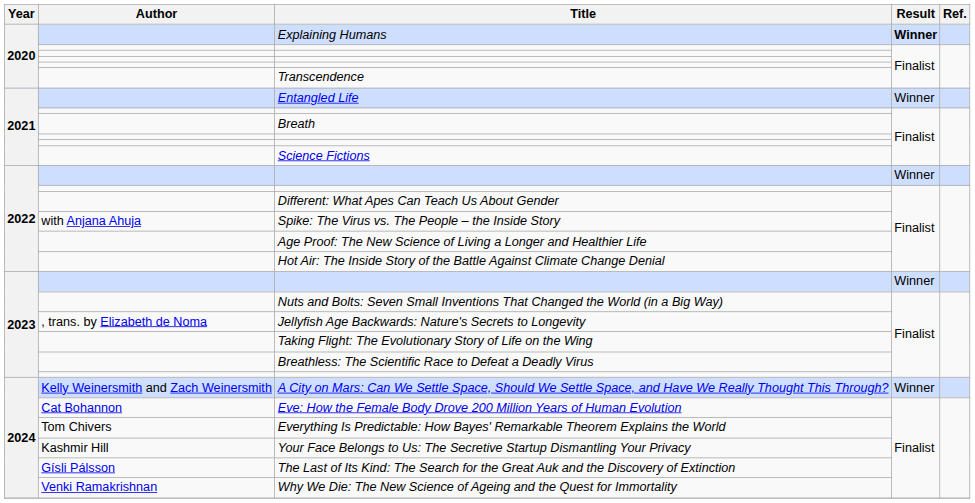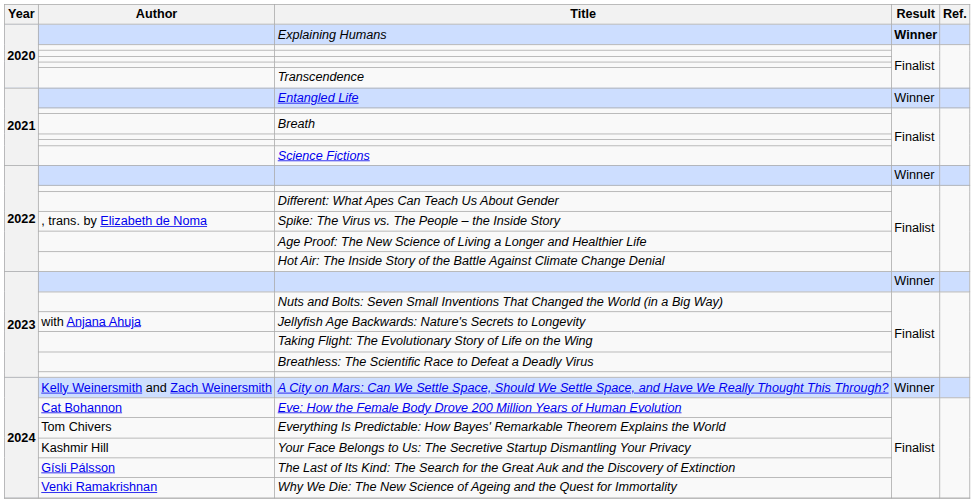 <table class="wikitable sortable mw-collapsible">
 <tr>
 <th>Year</th>
 <th>Author</th>
 <th>Title</th>
 <th>Result</th>
 <th>Ref.</th>
 </tr>
 <tr style="background:#cddeff">
 <th rowspan="6">2020</th>
 <td></td>
 <td><em>Explaining Humans</em></td>
 <td><strong>Winner</strong></td>
 <td></td>
 </tr>
 <tr>
 <td></td>
 <td><em></em></td>
 <td rowspan="5">Finalist</td>
 <td rowspan="5"></td>
 </tr>
 <tr>
 <td></td>
 <td><em></em></td>
 </tr>
 <tr>
 <td></td>
 <td><em></em></td>
 </tr>
 <tr>
 <td></td>
 <td><em></em></td>
 </tr>
 <tr>
 <td></td>
 <td><em>Transcendence</em></td>
 </tr>
 <tr style="background:#cddeff">
 <th rowspan="6">2021</th>
 <td></td>
 <td><em><a href='#'>Entangled Life</a></em></td>
 <td>Winner</td>
 <td></td>
 </tr>
 <tr>
 <td></td>
 <td><em></em></td>
 <td rowspan="5">Finalist</td>
 </tr>
 <tr>
 <td></td>
 <td><em>Breath</em></td>
 </tr>
 <tr>
 <td></td>
 <td><em></em></td>
 </tr>
 <tr>
 <td></td>
 <td><em></em></td>
 </tr>
 <tr>
 <td></td>
 <td><em><a href='#'>Science Fictions</a></em></td>
 </tr>
 <tr style="background:#cddeff">
 <th rowspan="6">2022</th>
 <td></td>
 <td><em></em></td>
 <td>Winner</td>
 <td></td>
 </tr>
 <tr>
 <td></td>
 <td><em></em></td>
 <td rowspan="5">Finalist</td>
 <td rowspan="5"></td>
 </tr>
 <tr>
 <td></td>
 <td><em>Different: What Apes Can Teach Us About Gender</em></td>
 </tr>
 <tr>
-<td> with <a href='#'>Anjana Ahuja</a></td>
+<td>, trans. by <a href='#'>Elizabeth de Noma</a></td>
 <td><em>Spike: The Virus vs. The People – the Inside Story</em></td>
 </tr>
 <tr>
 <td></td>
 <td><em>Age Proof: The New Science of Living a Longer and Healthier Life</em></td>
 </tr>
 <tr>
 <td></td>
 <td><em>Hot Air: The Inside Story of the Battle Against Climate Change Denial</em></td>
 </tr>
 <tr style="background:#cddeff">
 <th rowspan="6">2023</th>
 <td></td>
 <td></td>
 <td>Winner</td>
 <td></td>
 </tr>
 <tr>
 <td></td>
 <td><em>Nuts and Bolts: Seven Small Inventions That Changed the World (in a Big Way)</em></td>
 <td rowspan="5">Finalist</td>
 <td rowspan="5"></td>
 </tr>
 <tr>
-<td>, trans. by <a href='#'>Elizabeth de Noma</a></td>
+<td> with <a href='#'>Anjana Ahuja</a></td>
 <td><em>Jellyfish Age Backwards: Nature's Secrets to Longevity</em></td>
 </tr>
 <tr>
 <td></td>
 <td><em>Taking Flight: The Evolutionary Story of Life on the Wing</em></td>
 </tr>
 <tr>
 <td></td>
 <td><em>Breathless: The Scientific Race to Defeat a Deadly Virus</em></td>
 </tr>
 <tr>
 <td></td>
 <td></td>
 </tr>
 <tr style="background:#cddeff">
 <th rowspan="6">2024</th>
 <td><a href='#'>Kelly Weinersmith</a> and <a href='#'>Zach Weinersmith</a></td>
 <td><em><a href='#'>A City on Mars: Can We Settle Space, Should We Settle Space, and Have We Really Thought This Through?</a></em></td>
 <td>Winner</td>
 <td></td>
 </tr>
 <tr>
 <td><a href='#'>Cat Bohannon</a></td>
 <td><em><a href='#'>Eve: How the Female Body Drove 200 Million Years of Human Evolution</a></em></td>
 <td rowspan="5">Finalist</td>
 <td rowspan="5"></td>
 </tr>
 <tr>
 <td>Tom Chivers</td>
 <td><em>Everything Is Predictable: How Bayes' Remarkable Theorem Explains the World</em></td>
 </tr>
 <tr>
 <td>Kashmir Hill</td>
 <td><em>Your Face Belongs to Us: The Secretive Startup Dismantling Your Privacy</em></td>
 </tr>
 <tr>
 <td><a href='#'>Gísli Pálsson</a></td>
 <td><em>The Last of Its Kind: The Search for the Great Auk and the Discovery of Extinction</em></td>
 </tr>
 <tr>
 <td><a href='#'>Venki Ramakrishnan</a></td>
 <td><em>Why We Die: The New Science of Ageing and the Quest for Immortality</em></td>
 </tr>
 <tr>
 </tr>
 </table>
